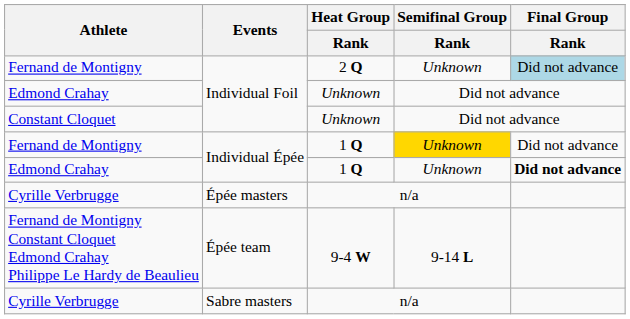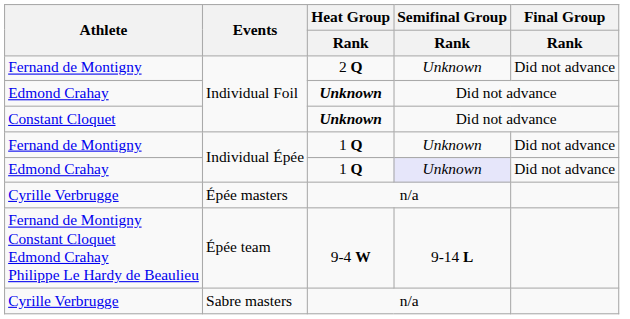 <table class=wikitable style="font-size:90%">
 <tr>
 <th rowspan="2">Athlete</th>
 <th rowspan="2">Events</th>
 <th>Heat Group</th>
 <th>Semifinal Group</th>
 <th>Final Group</th>
 </tr>
 <tr>
 <th>Rank</th>
 <th>Rank</th>
 <th>Rank</th>
 </tr>
 <tr>
 <td><a href='#'>Fernand de Montigny</a></td>
 <td rowspan=3>Individual Foil</td>
 <td align="center">2 <strong>Q</strong></td>
 <td align="center"><em>Unknown</em></td>
-<td align="center" style="background: lightblue;">Did not advance</td>
+<td align="center">Did not advance</td>
 </tr>
 <tr>
 <td><a href='#'>Edmond Crahay</a></td>
-<td align="center"><em>Unknown</em></td>
+<td align="center"><strong><em>Unknown</em></strong></td>
 <td align="center" colspan=2>Did not advance</td>
 </tr>
 <tr>
 <td><a href='#'>Constant Cloquet</a></td>
-<td align="center"><em>Unknown</em></td>
+<td align="center"><strong><em>Unknown</em></strong></td>
 <td align="center" colspan=2>Did not advance</td>
 </tr>
 <tr>
 <td><a href='#'>Fernand de Montigny</a></td>
 <td rowspan=2>Individual Épée</td>
 <td align="center">1 <strong>Q</strong></td>
-<td align="center" style="background: gold;"><em>Unknown</em></td>
+<td align="center"><em>Unknown</em></td>
 <td align="center">Did not advance</td>
 </tr>
 <tr>
 <td><a href='#'>Edmond Crahay</a></td>
 <td align="center">1 <strong>Q</strong></td>
-<td align="center"><em>Unknown</em></td>
-<td align="center"><strong>Did not advance</strong></td>
+<td align="center" style="background: lavender;"><em>Unknown</em></td>
+<td align="center">Did not advance</td>
 </tr>
 <tr>
 <td><a href='#'>Cyrille Verbrugge</a></td>
 <td>Épée masters</td>
 <td align="center" colspan=2>n/a</td>
 <td align="center"></td>
 </tr>
 <tr>
 <td><a href='#'>Fernand de Montigny</a><br><a href='#'>Constant Cloquet</a><br><a href='#'>Edmond Crahay</a><br><a href='#'>Philippe Le Hardy de Beaulieu</a></td>
 <td>Épée team</td>
 <td align="center"><br> 9-4 <strong>W</strong></td>
 <td align="center"><br> 9-14 <strong>L</strong></td>
 <td align="center"></td>
 </tr>
 <tr>
 <td><a href='#'>Cyrille Verbrugge</a></td>
 <td>Sabre masters</td>
 <td align="center" colspan=2>n/a</td>
 <td align="center"></td>
 </tr>
 </table>
